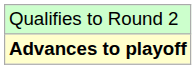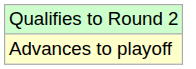 <table class="wikitable">
 <tr bgcolor="ccffcc">
 <td>Qualifies to Round 2</td>
 </tr>
 <tr bgcolor="ffffcc">
-<td><strong>Advances to playoff</strong></td>
+<td>Advances to playoff</td>
 </tr>
 </table>
